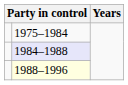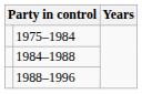 <table class="wikitable">
 <tr>
 <th colspan="2">Party in control</th>
 <th>Years</th>
 </tr>
 <tr>
 <td></td>
 <td>1975–1984</td>
 </tr>
 <tr>
 <td></td>
-<td style="background: lavender;">1984–1988</td>
+<td>1984–1988</td>
 </tr>
 <tr>
 <td></td>
-<td style="background: lightyellow;">1988–1996</td>
+<td>1988–1996</td>
 </tr>
 </table>
